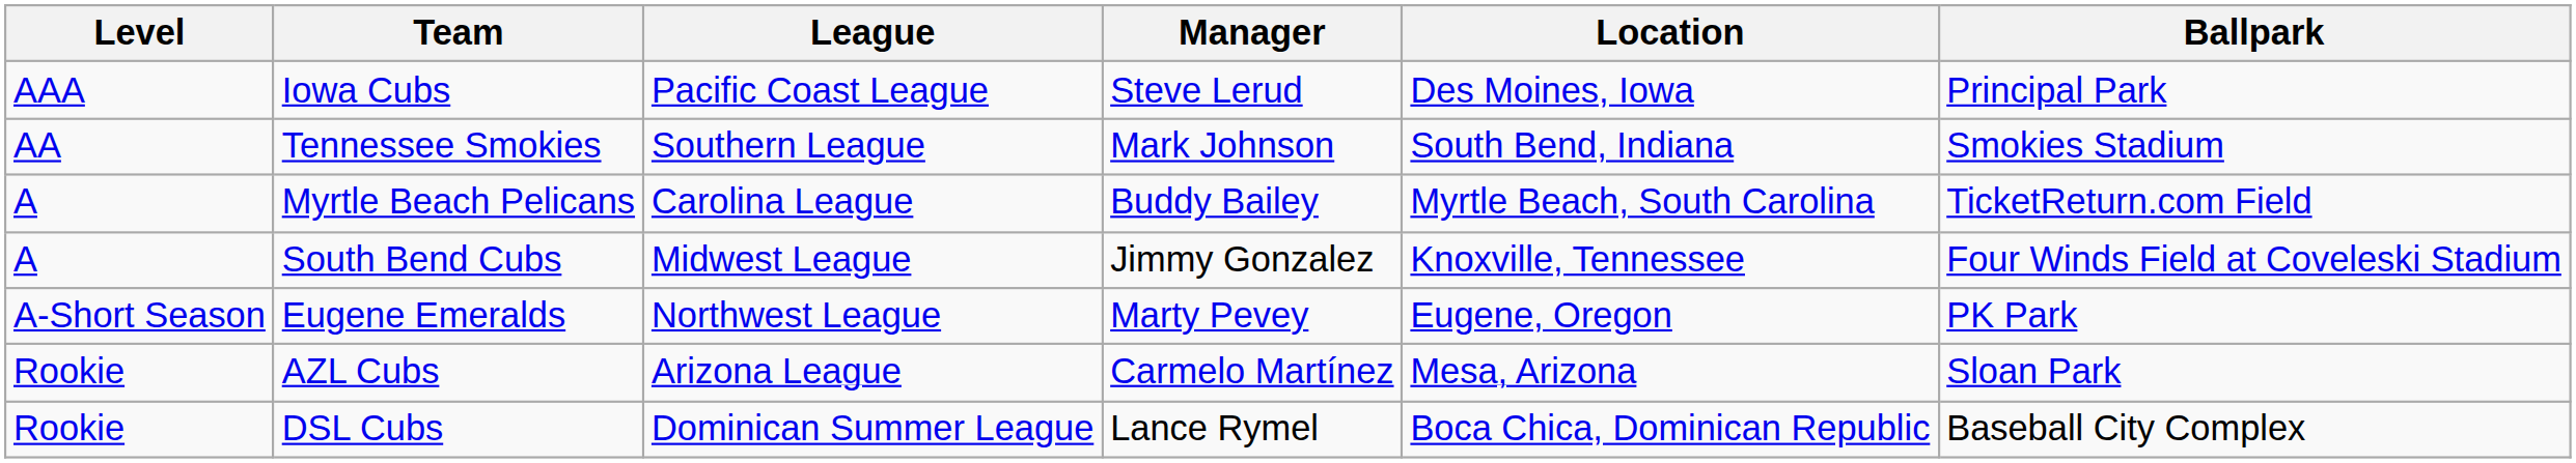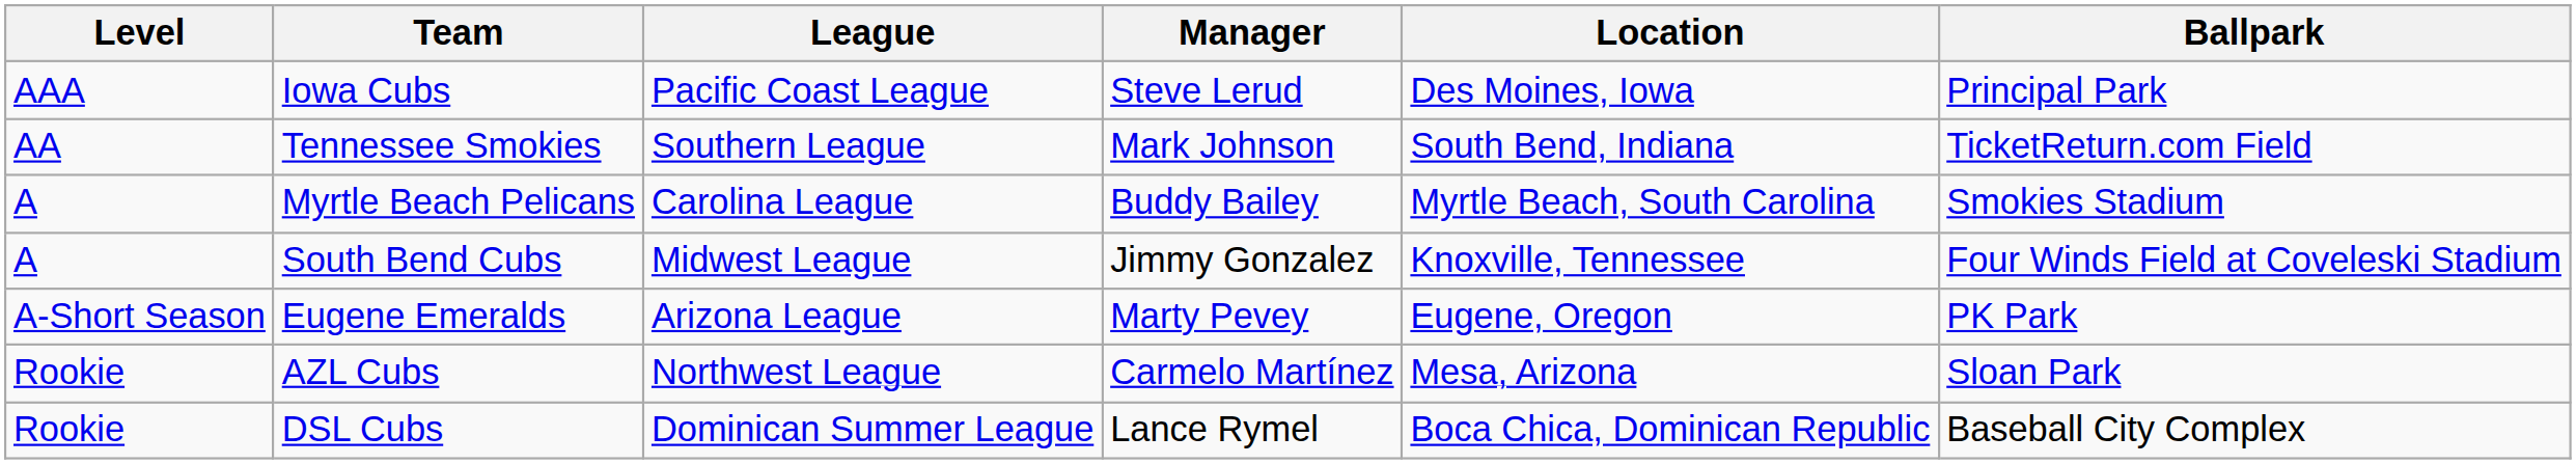 <table class="wikitable">
 <tr>
 <th style="text-align:center; ">Level</th>
 <th style="text-align:center; ">Team</th>
 <th style="text-align:center; ">League</th>
 <th style="text-align:center; ">Manager</th>
 <th style="text-align:center; ">Location</th>
 <th style="text-align:center; ">Ballpark</th>
 </tr>
 <tr>
 <td><a href='#'>AAA</a></td>
 <td><a href='#'>Iowa Cubs</a></td>
 <td><a href='#'>Pacific Coast League</a></td>
 <td><a href='#'>Steve Lerud</a></td>
 <td><a href='#'>Des Moines, Iowa</a></td>
 <td><a href='#'>Principal Park</a></td>
 </tr>
 <tr>
 <td><a href='#'>AA</a></td>
 <td><a href='#'>Tennessee Smokies</a></td>
 <td><a href='#'>Southern League</a></td>
 <td><a href='#'>Mark Johnson</a></td>
 <td><a href='#'>South Bend, Indiana</a></td>
-<td><a href='#'>Smokies Stadium</a></td>
+<td><a href='#'>TicketReturn.com Field</a></td>
 </tr>
 <tr>
 <td><a href='#'>A</a></td>
 <td><a href='#'>Myrtle Beach Pelicans</a></td>
 <td><a href='#'>Carolina League</a></td>
 <td><a href='#'>Buddy Bailey</a></td>
 <td><a href='#'>Myrtle Beach, South Carolina</a></td>
-<td><a href='#'>TicketReturn.com Field</a></td>
+<td><a href='#'>Smokies Stadium</a></td>
 </tr>
 <tr>
 <td><a href='#'>A</a></td>
 <td><a href='#'>South Bend Cubs</a></td>
 <td><a href='#'>Midwest League</a></td>
 <td>Jimmy Gonzalez</td>
 <td><a href='#'>Knoxville, Tennessee</a></td>
 <td><a href='#'>Four Winds Field at Coveleski Stadium</a></td>
 </tr>
 <tr>
 <td><a href='#'>A-Short Season</a></td>
 <td><a href='#'>Eugene Emeralds</a></td>
-<td><a href='#'>Northwest League</a></td>
+<td><a href='#'>Arizona League</a></td>
 <td><a href='#'>Marty Pevey</a></td>
 <td><a href='#'>Eugene, Oregon</a></td>
 <td><a href='#'>PK Park</a></td>
 </tr>
 <tr>
 <td><a href='#'>Rookie</a></td>
 <td><a href='#'>AZL Cubs</a></td>
-<td><a href='#'>Arizona League</a></td>
+<td><a href='#'>Northwest League</a></td>
 <td><a href='#'>Carmelo Martínez</a></td>
 <td><a href='#'>Mesa, Arizona</a></td>
 <td><a href='#'>Sloan Park</a></td>
 </tr>
 <tr>
 <td><a href='#'>Rookie</a></td>
 <td><a href='#'>DSL Cubs</a></td>
 <td><a href='#'>Dominican Summer League</a></td>
 <td>Lance Rymel</td>
 <td><a href='#'>Boca Chica, Dominican Republic</a></td>
 <td>Baseball City Complex</td>
 </tr>
 </table>
